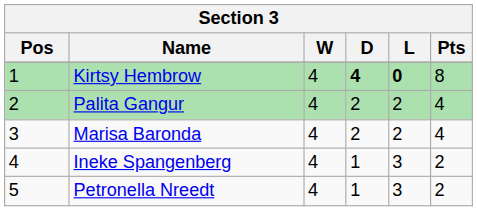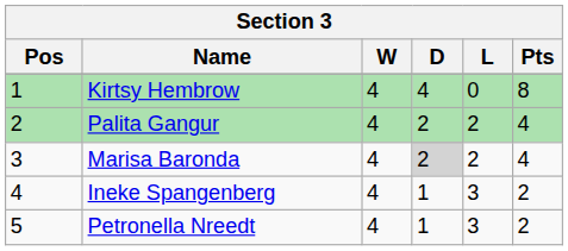 <table class="wikitable">
 <tr>
 <th colspan="6">Section 3</th>
 </tr>
 <tr>
 <th width=50>Pos</th>
 <th width=200>Name</th>
 <th width=30>W</th>
 <th width=30>D</th>
 <th width=30>L</th>
 <th width=30>Pts</th>
 </tr>
 <tr>
 </tr>
 <tr style="background:#ACE1AF;">
 <td>1</td>
 <td> <a href='#'>Kirtsy Hembrow</a></td>
 <td>4</td>
-<td><strong>4</strong></td>
-<td><strong>0</strong></td>
+<td>4</td>
+<td>0</td>
 <td>8</td>
 </tr>
 <tr style="background:#ACE1AF;">
 <td>2</td>
 <td> <a href='#'>Palita Gangur</a></td>
 <td>4</td>
 <td>2</td>
 <td>2</td>
 <td>4</td>
 </tr>
 <tr>
 <td>3</td>
 <td> <a href='#'>Marisa Baronda</a></td>
 <td>4</td>
-<td>2</td>
+<td style="background: lightgrey;">2</td>
 <td>2</td>
 <td>4</td>
 </tr>
 <tr>
 <td>4</td>
 <td> <a href='#'>Ineke Spangenberg</a></td>
 <td>4</td>
 <td>1</td>
 <td>3</td>
 <td>2</td>
 </tr>
 <tr>
 <td>5</td>
 <td> <a href='#'>Petronella Nreedt</a></td>
 <td>4</td>
 <td>1</td>
 <td>3</td>
 <td>2</td>
 </tr>
 </table>
